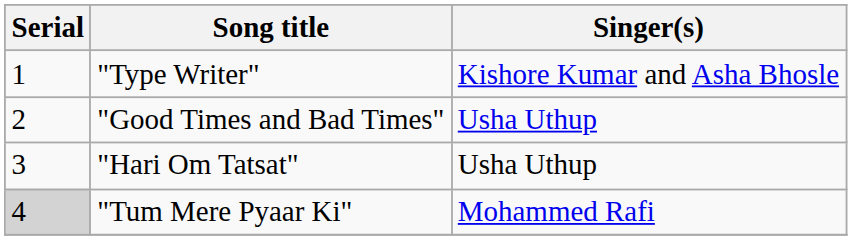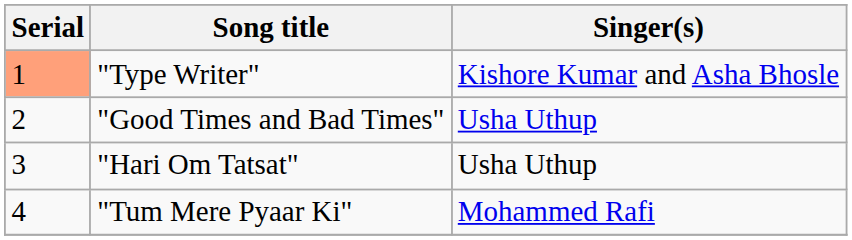 <table class="wikitable">
 <tr>
 <th>Serial</th>
 <th>Song title</th>
 <th>Singer(s)</th>
 </tr>
 <tr>
-<td>1</td>
+<td style="background: lightsalmon;">1</td>
 <td>"Type Writer"</td>
 <td><a href='#'>Kishore Kumar</a> and <a href='#'>Asha Bhosle</a></td>
 </tr>
 <tr>
 <td>2</td>
 <td>"Good Times and Bad Times"</td>
 <td><a href='#'>Usha Uthup</a></td>
 </tr>
 <tr>
 <td>3</td>
 <td>"Hari Om Tatsat"</td>
 <td>Usha Uthup</td>
 </tr>
 <tr>
-<td style="background: lightgrey;">4</td>
+<td>4</td>
 <td>"Tum Mere Pyaar Ki"</td>
 <td><a href='#'>Mohammed Rafi</a></td>
 </tr>
 <tr>
 </tr>
 </table>
